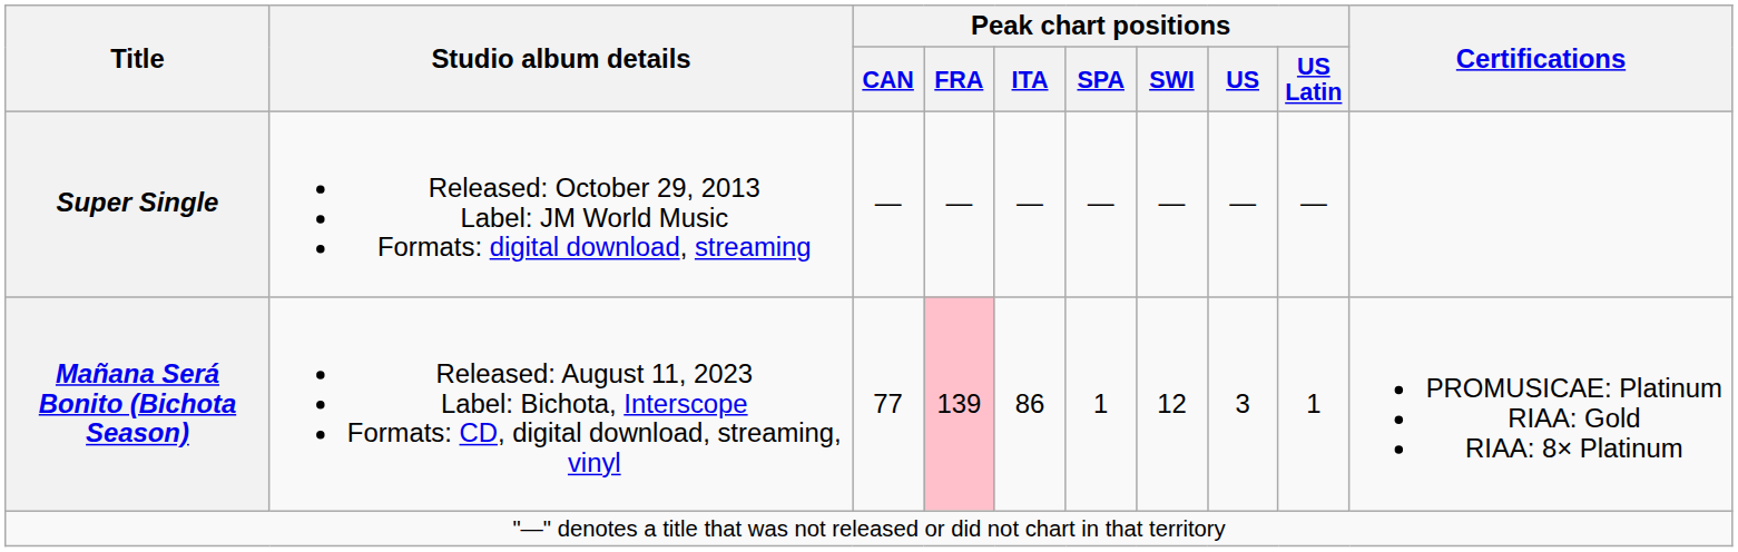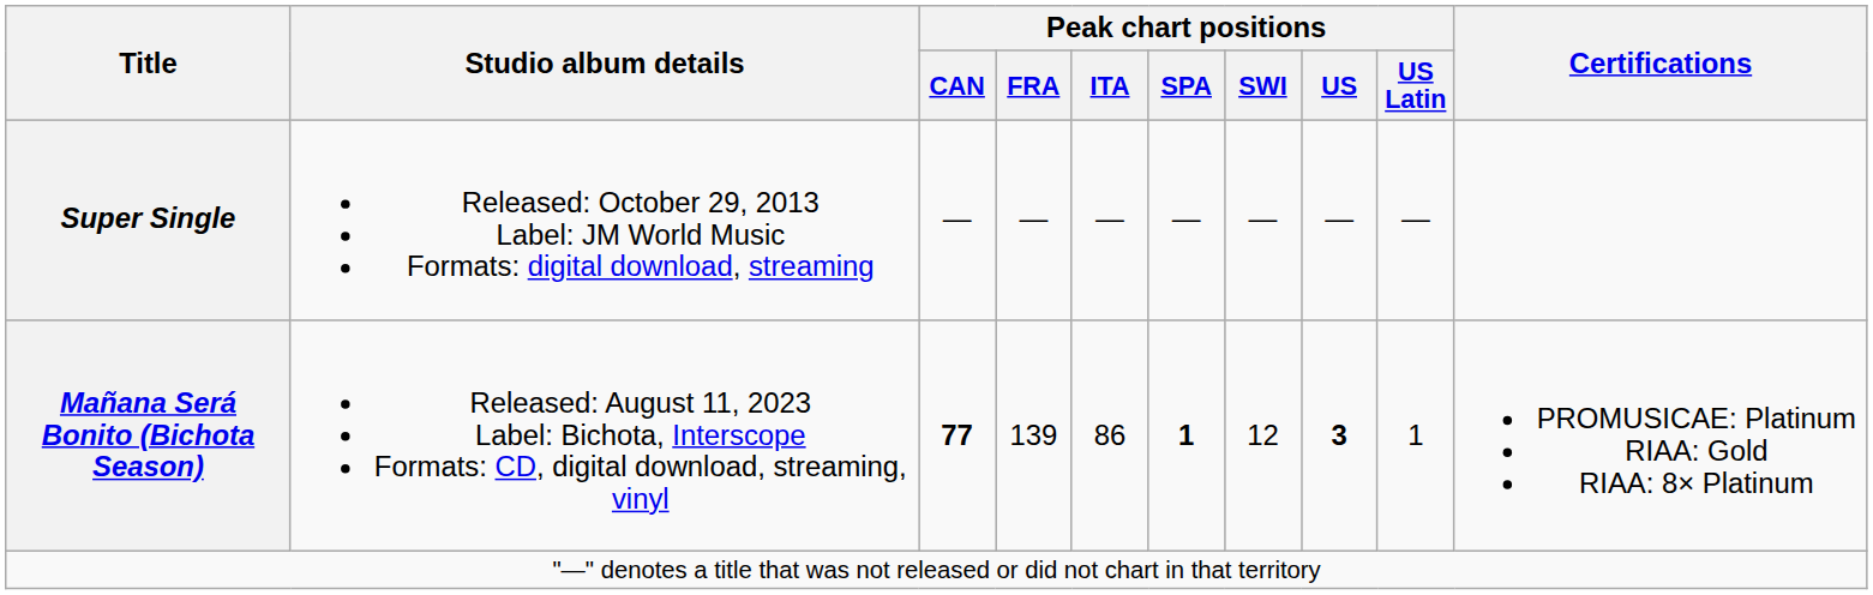 <table class="wikitable plainrowheaders" style="text-align:center;">
 <tr>
 <th scope="col" rowspan="2" style="width:9.5em;">Title</th>
 <th scope="col" rowspan="2" style="width:21.5em;">Studio album details</th>
 <th scope="col" colspan="7">Peak chart positions</th>
 <th scope="col" rowspan="2" style="width:14em;"><a href='#'>Certifications</a></th>
 </tr>
 <tr>
 <th scope="col" style="width:2.5em;font-size:90%;"><a href='#'>CAN</a><br></th>
 <th scope="col" style="width:2.5em;font-size:90%;"><a href='#'>FRA</a><br></th>
 <th scope="col" style="width:2.5em;font-size:90%;"><a href='#'>ITA</a><br></th>
 <th scope="col" style="width:2.5em;font-size:90%;"><a href='#'>SPA</a><br></th>
 <th scope="col" style="width:2.5em;font-size:90%;"><a href='#'>SWI</a><br></th>
 <th scope="col" style="width:2.5em;font-size:90%;"><a href='#'>US</a><br></th>
 <th scope="col" style="width:2.5em;font-size:90%;"><a href='#'>US<br>Latin</a><br></th>
 </tr>
 <tr>
 <th scope="row"><em>Super Single</em></th>
 <td><br><ul><li>Released: October 29, 2013</li><li>Label: JM World Music</li><li>Formats: <a href='#'>digital download</a>, <a href='#'>streaming</a></li></ul></td>
 <td>—</td>
 <td>—</td>
 <td>—</td>
 <td>—</td>
 <td>—</td>
 <td>—</td>
 <td>—</td>
 <td></td>
 </tr>
 <tr>
 <th scope="row"><em><a href='#'>Mañana Será Bonito (Bichota Season)</a></em></th>
 <td><br><ul><li>Released: August 11, 2023</li><li>Label: Bichota, <a href='#'>Interscope</a></li><li>Formats: <a href='#'>CD</a>, digital download, streaming, <a href='#'>vinyl</a></li></ul></td>
-<td>77</td>
-<td style="background: pink;">139</td>
+<td><strong>77</strong></td>
+<td>139</td>
 <td>86</td>
-<td>1</td>
+<td><strong>1</strong></td>
 <td>12</td>
-<td>3</td>
+<td><strong>3</strong></td>
 <td>1</td>
 <td><br><ul><li>PROMUSICAE: Platinum</li><li>RIAA: Gold</li><li>RIAA: 8× Platinum </li></ul></td>
 </tr>
 <tr>
 <td colspan="16" style="font-size:85%">"—" denotes a title that was not released or did not chart in that territory</td>
 </tr>
 </table>
